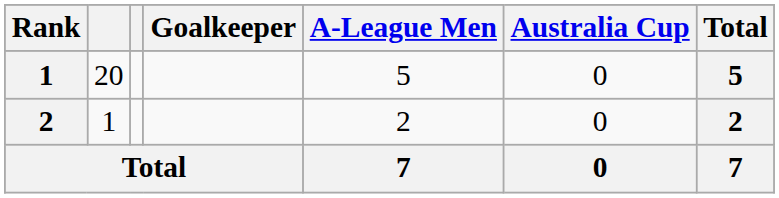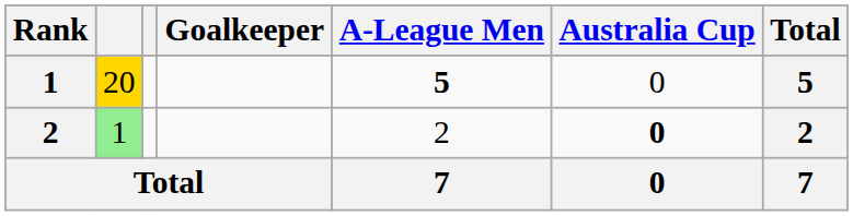 <table class="wikitable" style="text-align:center">
 <tr>
 <th>Rank</th>
 <th></th>
 <th></th>
 <th>Goalkeeper</th>
 <th><a href='#'>A-League Men</a></th>
 <th><a href='#'>Australia Cup</a></th>
 <th>Total</th>
 </tr>
 <tr>
 <th>1</th>
-<td>20</td>
+<td style="background: gold;">20</td>
 <td></td>
 <td align="left"></td>
-<td>5</td>
+<td><strong>5</strong></td>
 <td>0</td>
 <th>5</th>
 </tr>
 <tr>
 <th>2</th>
-<td>1</td>
+<td style="background: lightgreen;">1</td>
 <td></td>
 <td align="left"></td>
 <td>2</td>
-<td>0</td>
+<td><strong>0</strong></td>
 <th>2</th>
 </tr>
 <tr>
 <th colspan="4">Total</th>
 <th>7</th>
 <th>0</th>
 <th>7</th>
 </tr>
 </table>
